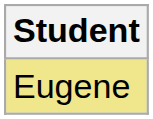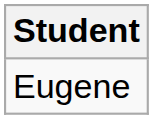 <table class="wikitable">
 <tr>
 <th>Student</th>
 </tr>
 <tr>
-<td style="background: khaki;">Eugene</td>
+<td>Eugene</td>
 </tr>
 </table>
